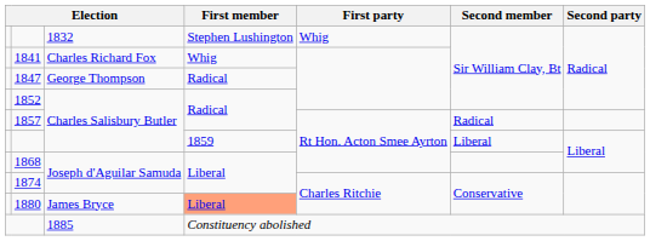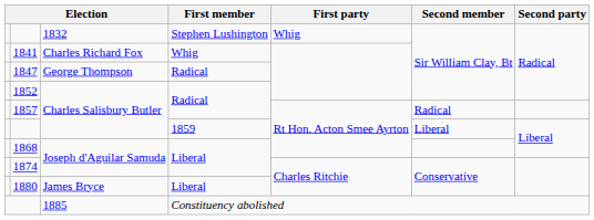 <table class="wikitable">
 <tr>
 <th colspan="3">Election</th>
 <th>First member </th>
 <th>First party</th>
 <th>Second member</th>
 <th>Second party</th>
 </tr>
 <tr>
 <td style="color:inherit;background-color: "></td>
 <td style="color:inherit;background-color: "></td>
 <td><a href='#'>1832</a></td>
 <td><a href='#'>Stephen Lushington</a></td>
 <td><a href='#'>Whig</a></td>
 <td rowspan="4"><a href='#'>Sir William Clay, Bt</a></td>
 <td rowspan="4"><a href='#'>Radical</a></td>
 </tr>
 <tr>
 <td style="color:inherit;background-color: "></td>
 <td><a href='#'>1841</a></td>
 <td><a href='#'>Charles Richard Fox</a></td>
 <td><a href='#'>Whig</a></td>
 </tr>
 <tr>
 <td style="color:inherit;background-color: "></td>
 <td><a href='#'>1847</a></td>
 <td><a href='#'>George Thompson</a></td>
 <td><a href='#'>Radical</a></td>
 </tr>
 <tr>
 <td style="color:inherit;background-color: "></td>
 <td><a href='#'>1852</a></td>
 <td rowspan="3"><a href='#'>Charles Salisbury Butler</a></td>
 <td rowspan="2"><a href='#'>Radical</a></td>
 </tr>
 <tr>
 <td style="color:inherit;background-color: "></td>
 <td><a href='#'>1857</a></td>
 <td rowspan="3"><a href='#'>Rt Hon. Acton Smee Ayrton</a></td>
 <td rowspan="1"><a href='#'>Radical</a></td>
 </tr>
 <tr>
 <td style="color:inherit;background-color: "></td>
 <td style="color:inherit;background-color: "></td>
 <td><a href='#'>1859</a></td>
 <td><a href='#'>Liberal</a></td>
 <td rowspan="2"><a href='#'>Liberal</a></td>
 </tr>
 <tr>
 <td style="color:inherit;background-color: "></td>
 <td><a href='#'>1868</a></td>
 <td rowspan="2"><a href='#'>Joseph d'Aguilar Samuda</a></td>
 <td rowspan="2"><a href='#'>Liberal</a></td>
 </tr>
 <tr>
 <td style="color:inherit;background-color: "></td>
 <td><a href='#'>1874</a></td>
 <td rowspan="2"><a href='#'>Charles Ritchie</a></td>
 <td rowspan="2"><a href='#'>Conservative</a></td>
 </tr>
 <tr>
 <td style="color:inherit;background-color: "></td>
 <td><a href='#'>1880</a></td>
 <td><a href='#'>James Bryce</a></td>
-<td style="background: lightsalmon;"><a href='#'>Liberal</a></td>
+<td><a href='#'>Liberal</a></td>
 </tr>
 <tr>
 <td colspan="2"></td>
 <td><a href='#'>1885</a></td>
 <td colspan="4"><em>Constituency abolished</em></td>
 </tr>
 </table>
